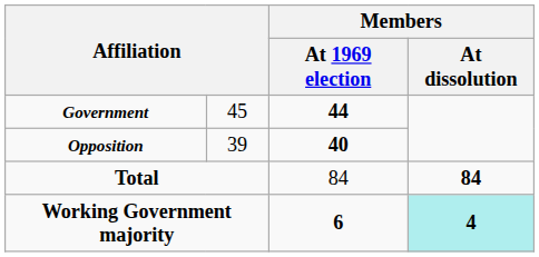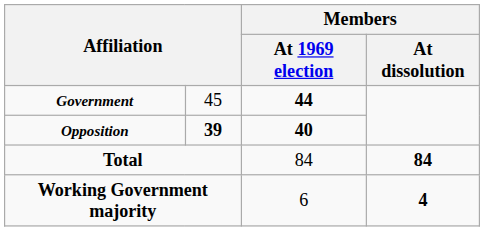 <table class="wikitable" border="1" style="font-size:95%; width:300pt; text-align:center">
 <tr>
 <th colspan="2" rowspan="2" style="text-align:center;vertical-align:middle; ">Affiliation</th>
 <th colspan="2" style="vertical-align:top;">Members</th>
 </tr>
 <tr>
 <th>At <a href='#'>1969 election</a></th>
 <th>At dissolution</th>
 </tr>
 <tr>
 <td> <small><strong><em>Government</em></strong></small></td>
 <td>45</td>
 <td><strong>44</strong></td>
 </tr>
 <tr>
 <td> <small><strong><em>Opposition</em></strong></small></td>
-<td>39</td>
+<td><strong>39</strong></td>
 <td><strong>40</strong></td>
 </tr>
 <tr>
 <td colspan="2" rowspan="1"><strong>Total</strong><br></td>
 <td>84</td>
 <td><strong>84</strong></td>
 </tr>
 <tr>
 <td colspan="2" rowspan="1"><strong>Working Government majority</strong></td>
-<td><strong>6</strong></td>
-<td style="background: paleturquoise;"><strong>4</strong></td>
+<td>6</td>
+<td><strong>4</strong></td>
 </tr>
 </table>
